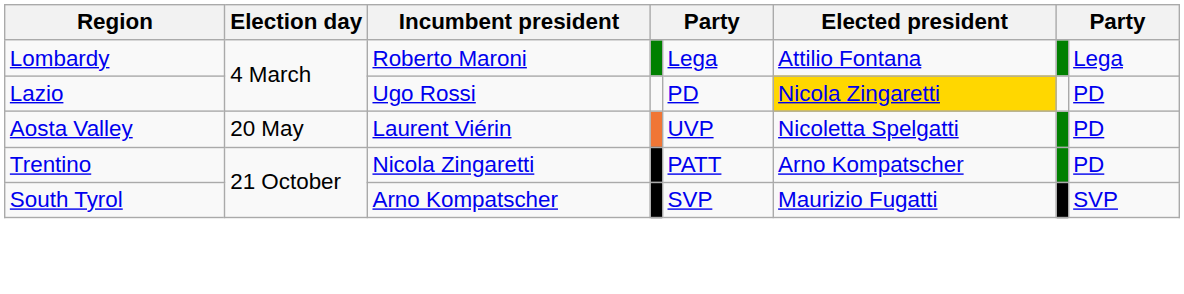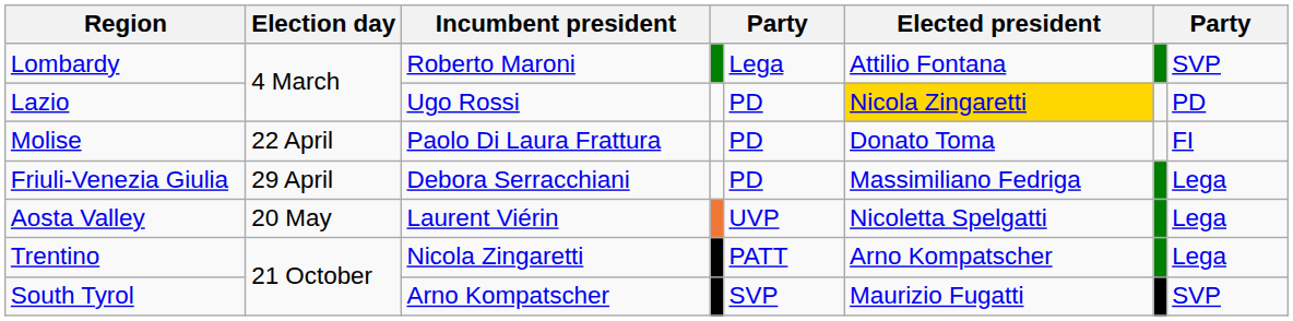 <table class="wikitable sortable" style="valign:top;">
 <tr>
 <th style="width:150px;">Region</th>
 <th>Election day</th>
 <th style="width:195px;">Incumbent president</th>
 <th colspan=2 style="width:80px;">Party</th>
 <th style="width:195px;">Elected president</th>
 <th colspan=2 style="width:80px;">Party</th>
 </tr>
 <tr>
 <td><a href='#'>Lombardy</a></td>
 <td rowspan=2>4 March</td>
 <td><a href='#'>Roberto Maroni</a></td>
 <td width="1" bgcolor="#008000"></td>
 <td align="left"><a href='#'>Lega</a></td>
 <td><a href='#'>Attilio Fontana</a></td>
 <td width="1" bgcolor="#008000"></td>
-<td align="left"><a href='#'>Lega</a></td>
+<td align="left"><a href='#'>SVP</a></td>
 </tr>
 <tr>
 <td><a href='#'>Lazio</a></td>
 <td><a href='#'>Ugo Rossi</a></td>
 <td width="1"></td>
 <td align="left"><a href='#'>PD</a></td>
 <td style="background: gold;"><a href='#'>Nicola Zingaretti</a></td>
 <td width="1"></td>
 <td align="left"><a href='#'>PD</a></td>
 </tr>
 <tr>
+<td><a href='#'>Molise</a></td>
+<td>22 April</td>
+<td><a href='#'>Paolo Di Laura Frattura</a></td>
+<td width="1"></td>
+<td align="left"><a href='#'>PD</a></td>
+<td><a href='#'>Donato Toma</a></td>
+<td width="1"></td>
+<td align="left"><a href='#'>FI</a></td>
+</tr>
+<tr>
+<td><a href='#'>Friuli-Venezia Giulia</a></td>
+<td>29 April</td>
+<td><a href='#'>Debora Serracchiani</a></td>
+<td width="1"></td>
+<td align="left"><a href='#'>PD</a></td>
+<td><a href='#'>Massimiliano Fedriga</a></td>
+<td width="1" bgcolor="#008000"></td>
+<td align="left"><a href='#'>Lega</a></td>
+</tr>
+<tr>
 <td><a href='#'>Aosta Valley</a></td>
 <td>20 May</td>
 <td><a href='#'>Laurent Viérin</a></td>
 <td width="1" bgcolor=#F07636></td>
 <td align="left"><a href='#'>UVP</a></td>
 <td><a href='#'>Nicoletta Spelgatti</a></td>
 <td width="1" bgcolor="#008000"></td>
-<td align="left"><a href='#'>PD</a></td>
+<td align="left"><a href='#'>Lega</a></td>
 </tr>
 <tr>
 <td><a href='#'>Trentino</a></td>
 <td rowspan=2>21 October</td>
 <td><a href='#'>Nicola Zingaretti</a></td>
 <td width="1" bgcolor=black></td>
 <td align="left"><a href='#'>PATT</a></td>
 <td><a href='#'>Arno Kompatscher</a></td>
 <td width="1" bgcolor="#008000"></td>
-<td align="left"><a href='#'>PD</a></td>
+<td align="left"><a href='#'>Lega</a></td>
 </tr>
 <tr>
 <td><a href='#'>South Tyrol</a></td>
 <td><a href='#'>Arno Kompatscher</a></td>
 <td width="1" bgcolor=black></td>
 <td align="left"><a href='#'>SVP</a></td>
 <td><a href='#'>Maurizio Fugatti</a></td>
 <td width="1" bgcolor=black></td>
 <td align="left"><a href='#'>SVP</a></td>
 </tr>
 </table>
